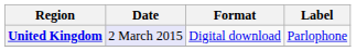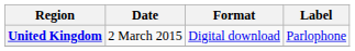 <table class="wikitable sortable plainrowheaders">
 <tr>
 <th scope="col">Region</th>
 <th scope="col">Date</th>
 <th scope="col">Format</th>
 <th scope="col">Label</th>
 </tr>
 <tr>
 <th scope="row"><a href='#'>United Kingdom</a></th>
-<td style="background: lavender;">2 March 2015</td>
+<td>2 March 2015</td>
 <td><a href='#'>Digital download</a></td>
 <td><a href='#'>Parlophone</a></td>
 </tr>
 <tr>
 </tr>
 </table>
